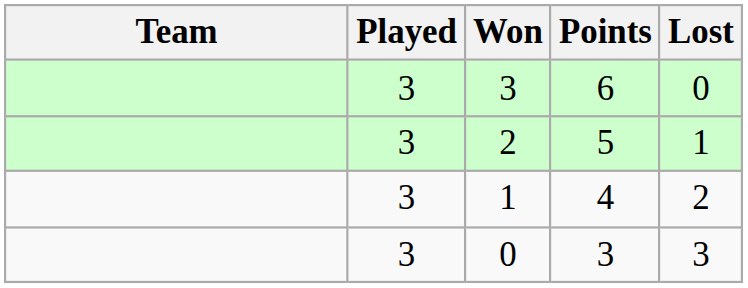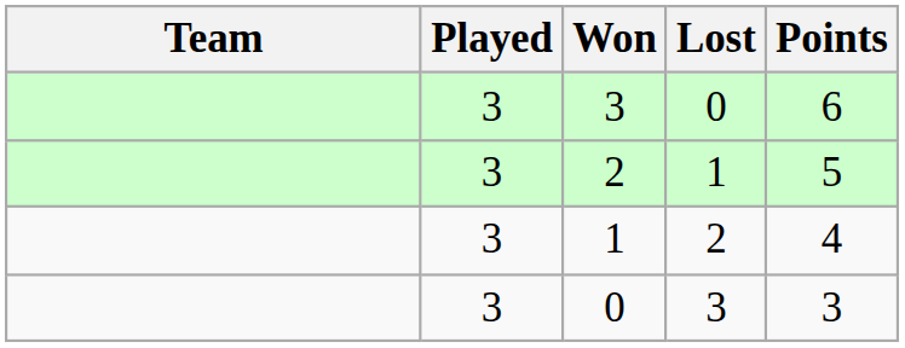 <table class="wikitable" style="text-align:center;">
 <tr>
 <th width=150>Team</th>
 <th width=20>Played</th>
 <th width=20>Won</th>
+<th width=30>Lost</th>
 <th width=20>Points</th>
-<th width=30>Lost</th>
 </tr>
 <tr bgcolor="#ccffcc">
 <td align=left></td>
 <td>3</td>
 <td>3</td>
+<td>0</td>
 <td>6</td>
-<td>0</td>
 </tr>
 <tr bgcolor="#ccffcc">
 <td align=left></td>
 <td>3</td>
 <td>2</td>
+<td>1</td>
 <td>5</td>
-<td>1</td>
 </tr>
 <tr>
 <td align=left></td>
 <td>3</td>
 <td>1</td>
+<td>2</td>
 <td>4</td>
-<td>2</td>
 </tr>
 <tr>
 <td align=left></td>
 <td>3</td>
 <td>0</td>
 <td>3</td>
 <td>3</td>
 </tr>
 </table>
